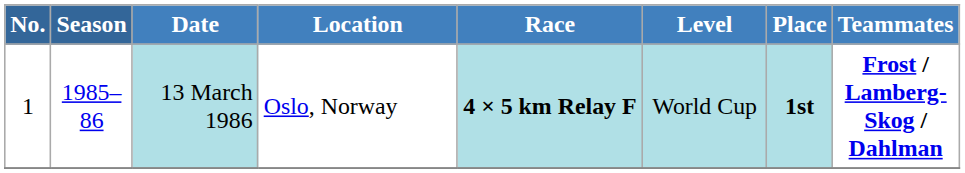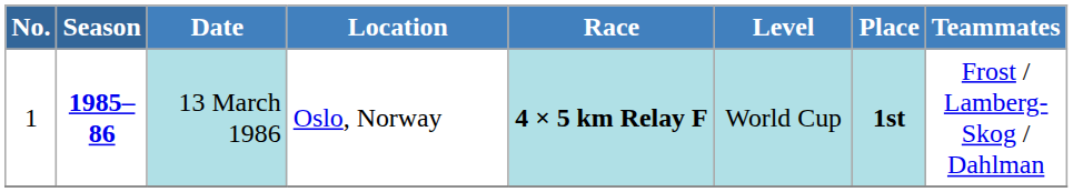 <table class="wikitable sortable" style="font-size:95%; text-align:center; border:grey solid 1px; border-collapse:collapse; background:#ffffff;">
 <tr style="background:#efefef;">
 <th style="background-color:#369; color:white;">No.</th>
 <th style="background-color:#369; color:white;">Season</th>
 <th style="background-color:#4180be; color:white; width:100px;">Date</th>
 <th style="background-color:#4180be; color:white; width:170px;">Location</th>
 <th style="background-color:#4180be; color:white; width:170px;">Race</th>
 <th style="background-color:#4180be; color:white; width:100px;">Level</th>
 <th style="background-color:#4180be; color:white;">Place</th>
 <th style="background-color:#4180be; color:white;">Teammates</th>
 </tr>
 <tr>
 <td align=center>1</td>
-<td rowspan=1 align=center><a href='#'>1985–86</a></td>
+<td rowspan=1 align=center><strong><a href='#'>1985–86</a></strong></td>
 <td bgcolor="#BOEOE6" align=right>13 March 1986</td>
 <td align=left> <a href='#'>Oslo</a>, Norway</td>
 <td bgcolor="#BOEOE6"><strong>4 × 5 km Relay F</strong></td>
 <td bgcolor="#BOEOE6">World Cup</td>
 <td bgcolor="#BOEOE6"><strong>1st</strong></td>
-<td><strong><a href='#'>Frost</a> / <a href='#'>Lamberg-Skog</a> / <a href='#'>Dahlman</a></strong></td>
+<td><a href='#'>Frost</a> / <a href='#'>Lamberg-Skog</a> / <a href='#'>Dahlman</a></td>
 </tr>
 <tr>
 </tr>
 </table>
